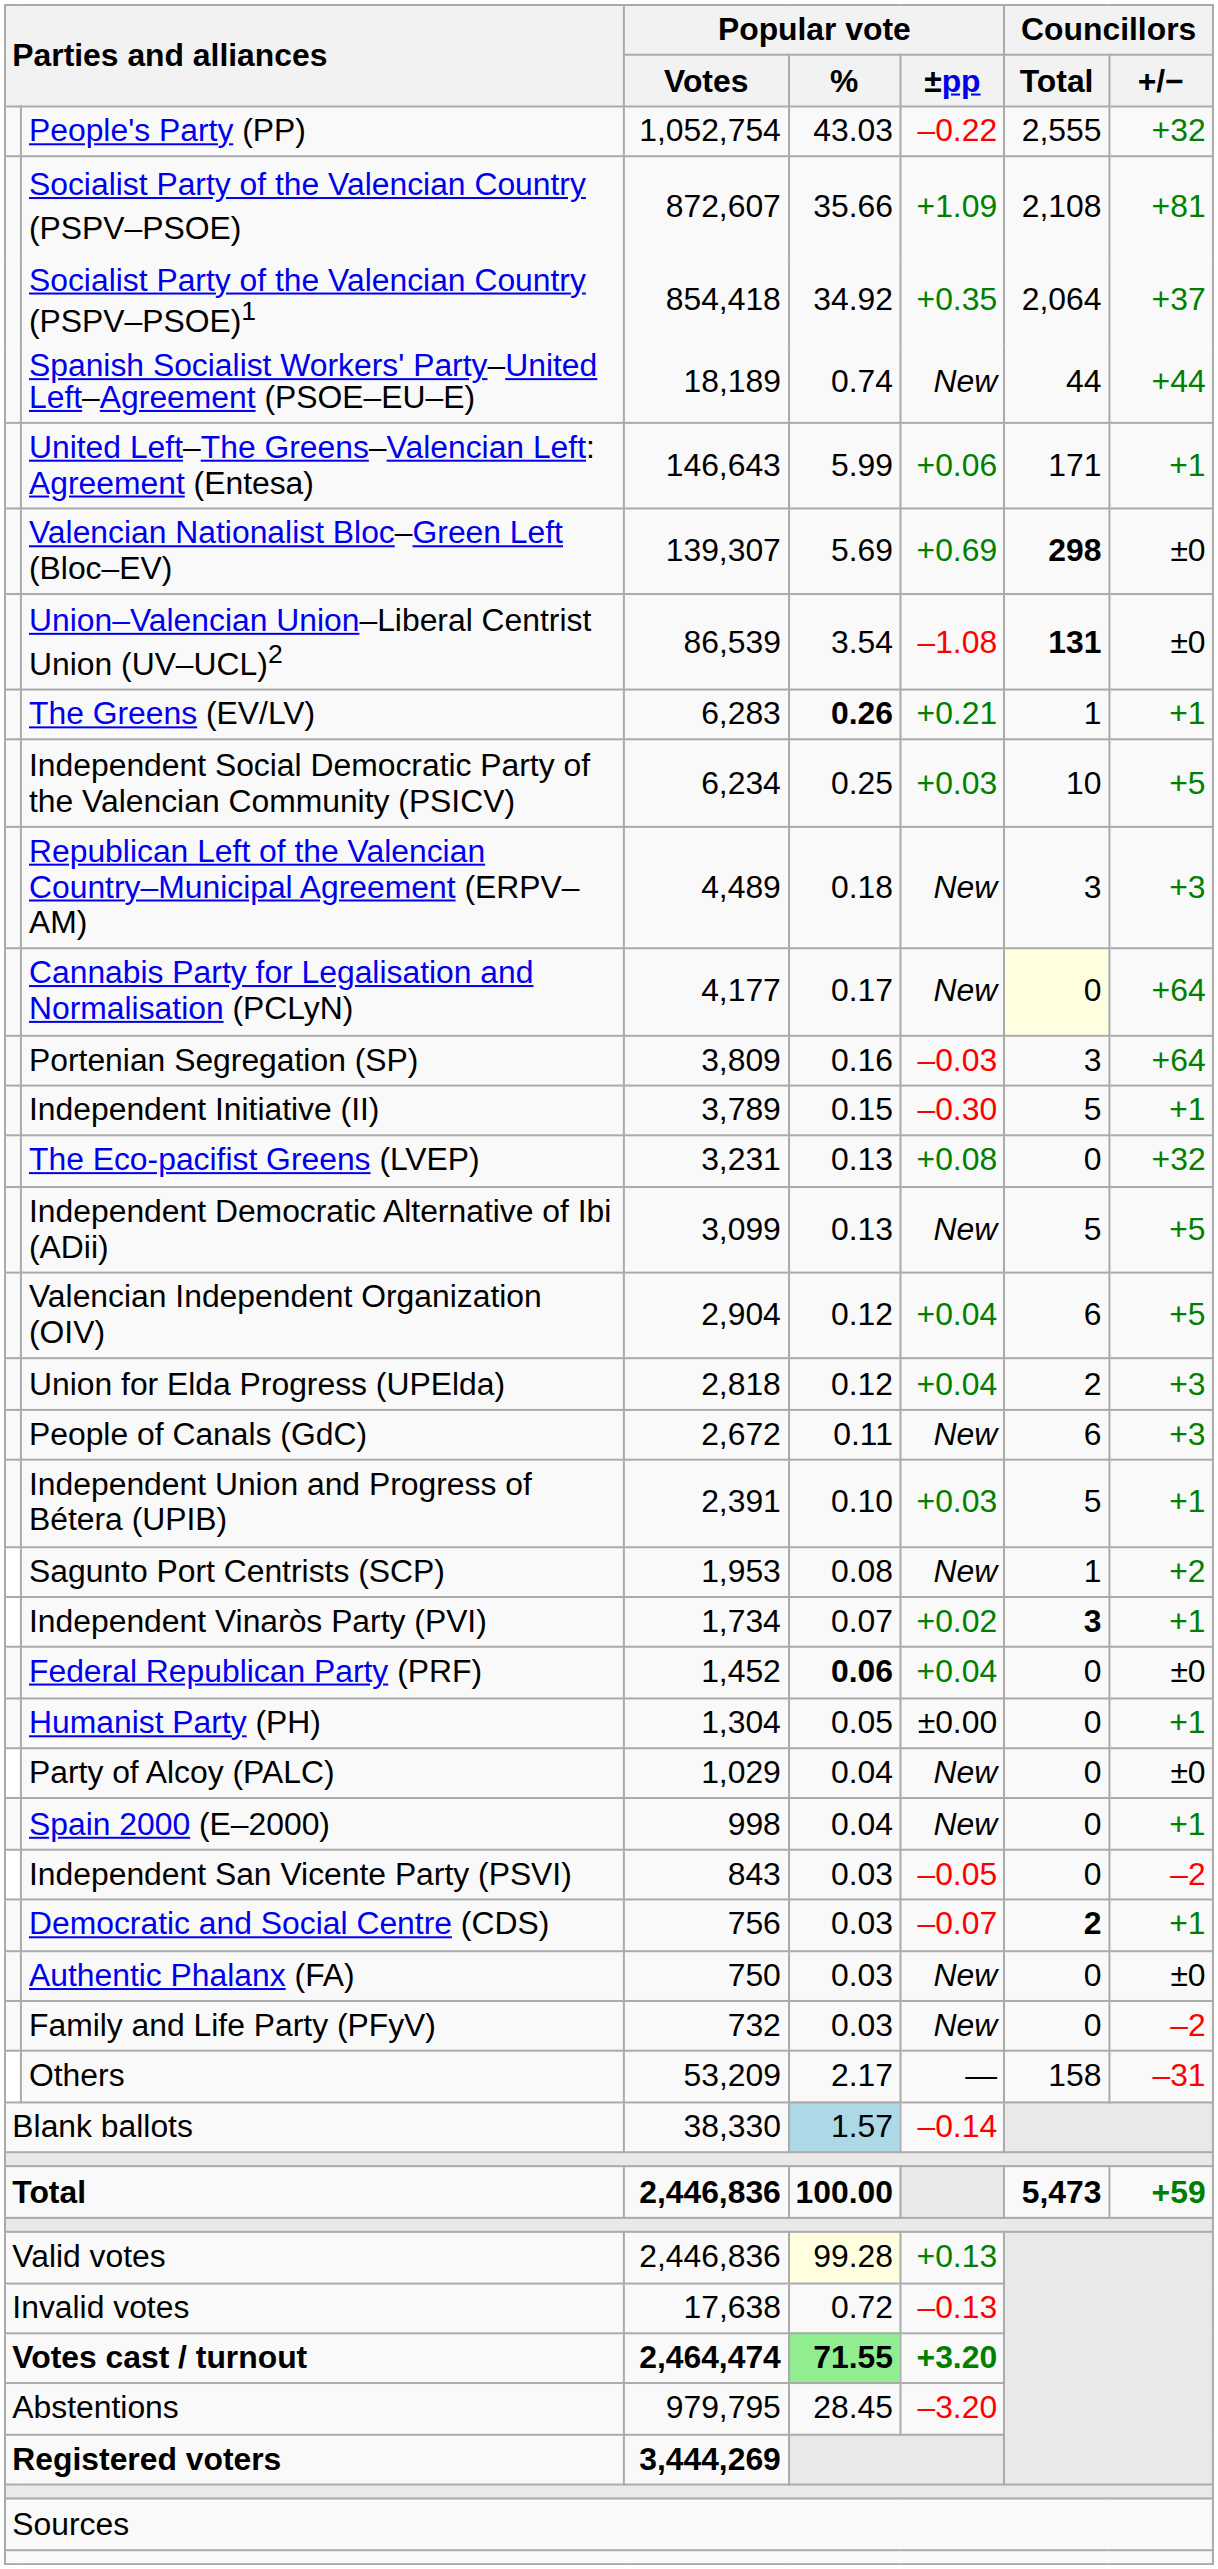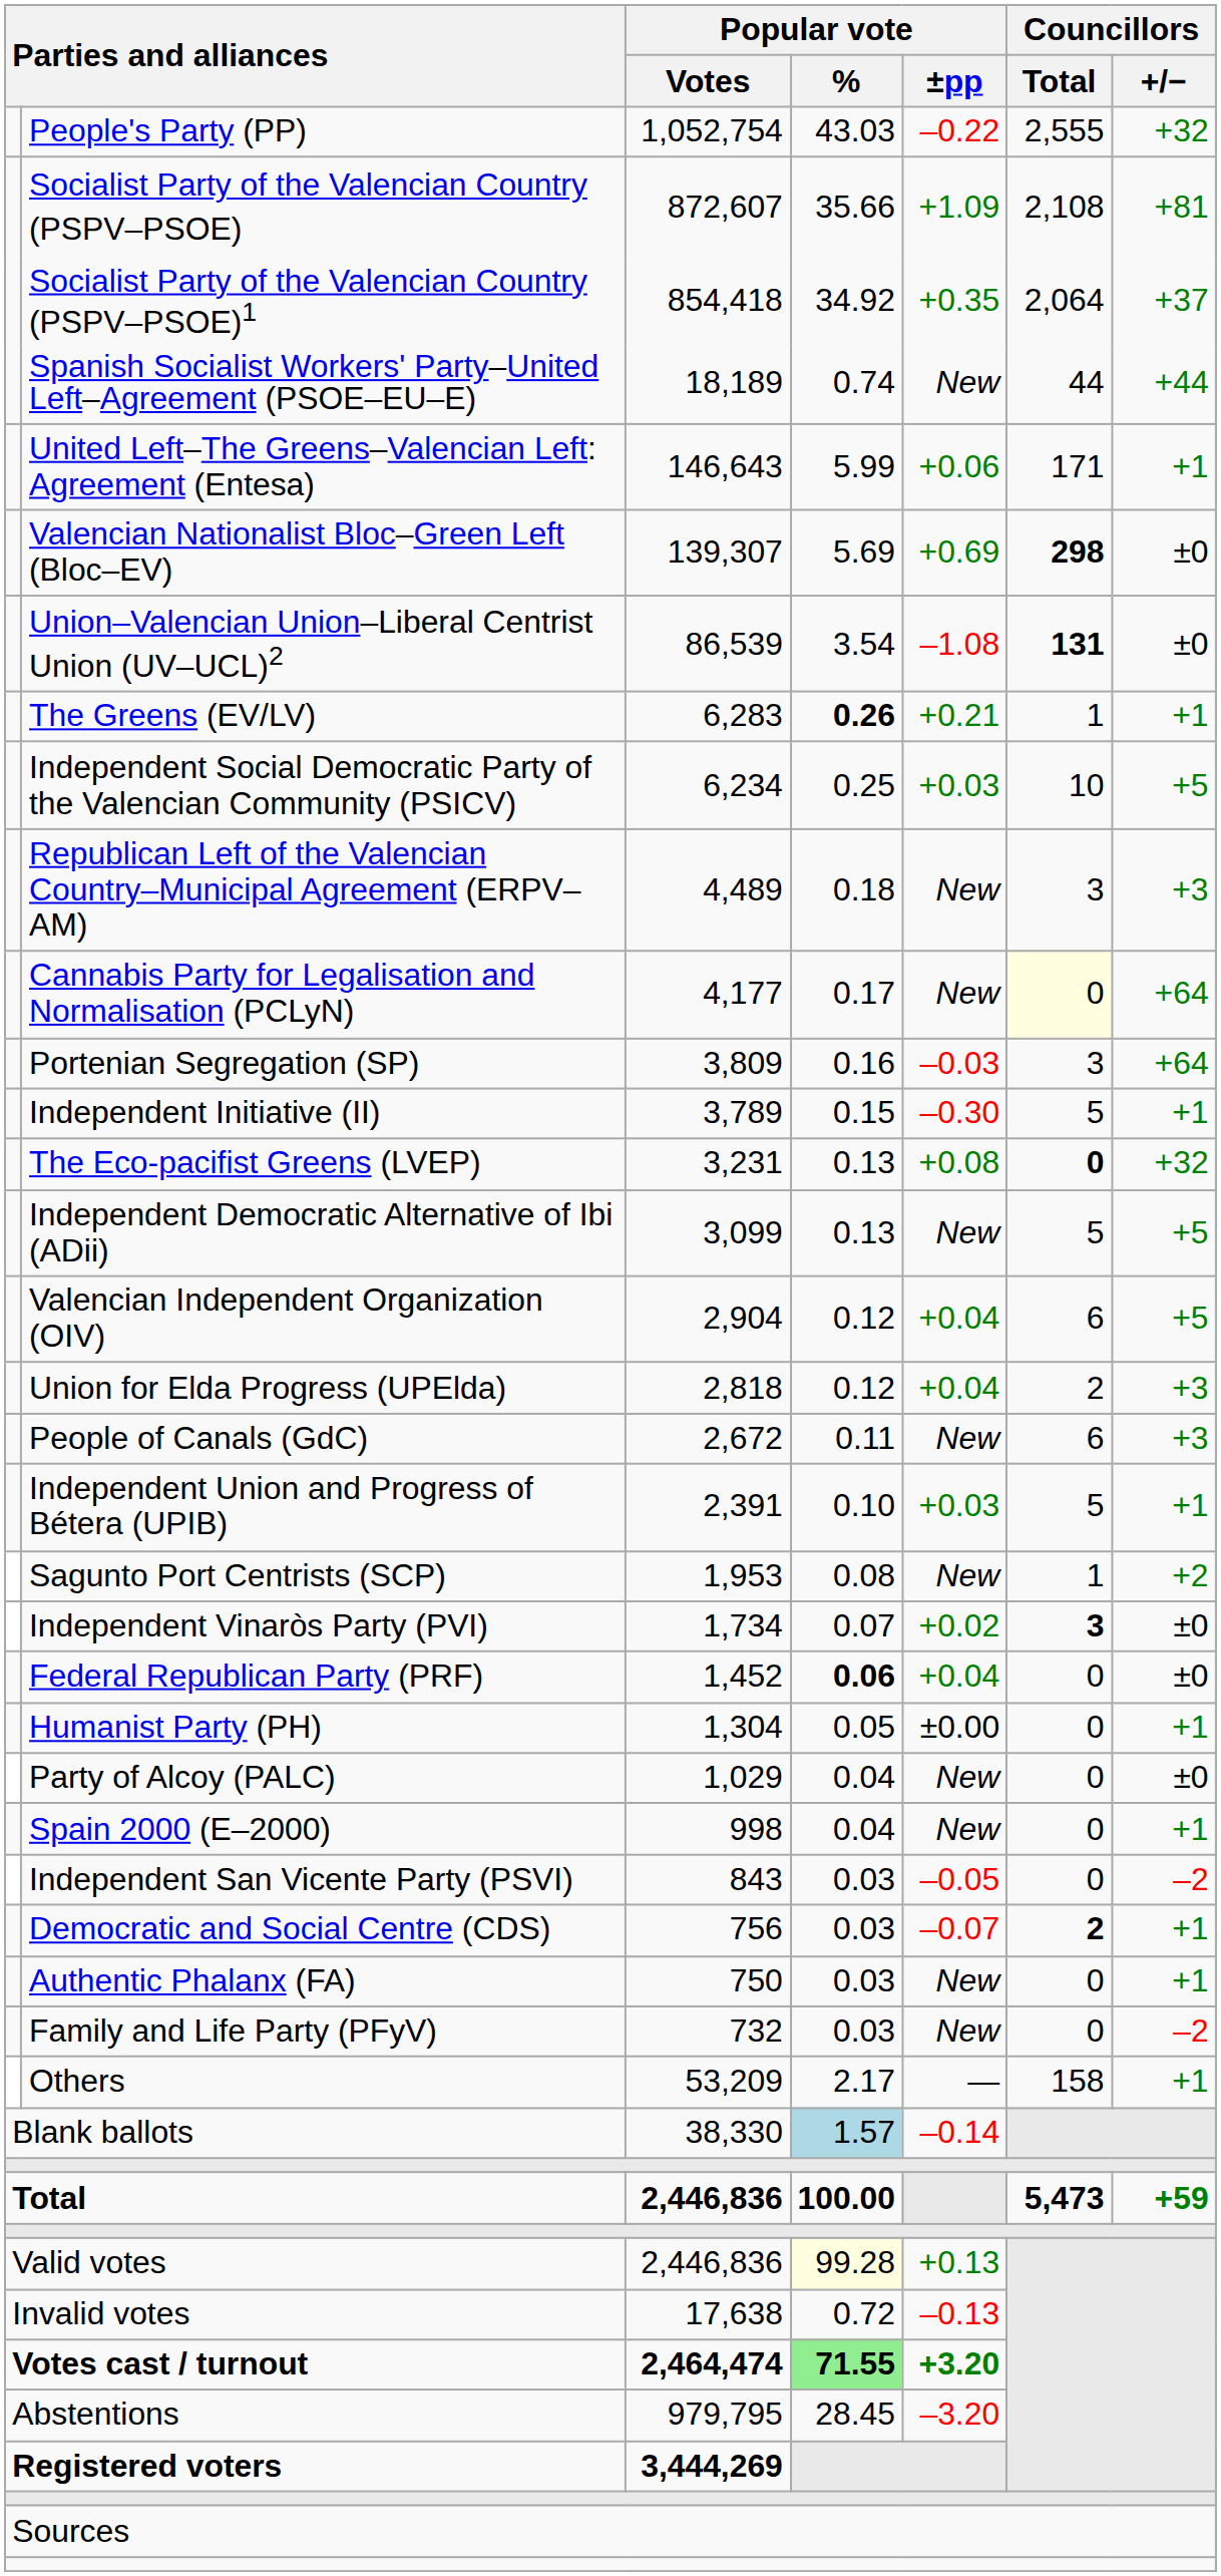 <table class="wikitable" style="text-align:right;">
 <tr>
 <th style="text-align:left;" rowspan="2" colspan="2" width="525">Parties and alliances</th>
 <th colspan="3">Popular vote</th>
 <th colspan="2">Councillors</th>
 </tr>
 <tr>
 <th width="75">Votes</th>
 <th width="45">%</th>
 <th width="45">±<a href='#'>pp</a></th>
 <th width="45">Total</th>
 <th width="45">+/−</th>
 </tr>
 <tr>
 <td width="1" style="color:inherit;background:"></td>
 <td align="left"><a href='#'>People's Party</a> (PP)</td>
 <td>1,052,754</td>
 <td>43.03</td>
 <td style="color:red;">–0.22</td>
 <td>2,555</td>
 <td style="color:green;">+32</td>
 </tr>
 <tr style="line-height:22px;">
 <td rowspan="3" style="color:inherit;background:"></td>
 <td align="left"><a href='#'>Socialist Party of the Valencian Country</a> (PSPV–PSOE)</td>
 <td>872,607</td>
 <td>35.66</td>
 <td style="color:green;">+1.09</td>
 <td>2,108</td>
 <td style="color:green;">+81</td>
 </tr>
 <tr style="border-bottom-style:hidden; border-top-style:hidden; line-height:16px;">
 <td align="left"><span><a href='#'>Socialist Party of the Valencian Country</a> (PSPV–PSOE)<sup>1</sup></span></td>
 <td>854,418</td>
 <td>34.92</td>
 <td style="color:green;">+0.35</td>
 <td>2,064</td>
 <td style="color:green;">+37</td>
 </tr>
 <tr style="line-height:16px;">
 <td align="left"><span><a href='#'>Spanish Socialist Workers' Party</a>–<a href='#'>United Left</a>–<a href='#'>Agreement</a> (PSOE–EU–E)</span></td>
 <td>18,189</td>
 <td>0.74</td>
 <td><em>New</em></td>
 <td>44</td>
 <td style="color:green;">+44</td>
 </tr>
 <tr>
 <td style="color:inherit;background:"></td>
 <td align="left"><a href='#'>United Left</a>–<a href='#'>The Greens</a>–<a href='#'>Valencian Left</a>: <a href='#'>Agreement</a> (Entesa)</td>
 <td>146,643</td>
 <td>5.99</td>
 <td style="color:green;">+0.06</td>
 <td>171</td>
 <td style="color:green;">+1</td>
 </tr>
 <tr>
 <td style="color:inherit;background:"></td>
 <td align="left"><a href='#'>Valencian Nationalist Bloc</a>–<a href='#'>Green Left</a> (Bloc–EV)</td>
 <td>139,307</td>
 <td>5.69</td>
 <td style="color:green;">+0.69</td>
 <td><strong>298</strong></td>
 <td>±0</td>
 </tr>
 <tr>
 <td style="color:inherit;background:"></td>
 <td align="left"><a href='#'>Union–Valencian Union</a>–Liberal Centrist Union (UV–UCL)<sup>2</sup></td>
 <td>86,539</td>
 <td>3.54</td>
 <td style="color:red;">–1.08</td>
 <td><strong>131</strong></td>
 <td>±0</td>
 </tr>
 <tr>
 <td style="color:inherit;background:"></td>
 <td align="left"><a href='#'>The Greens</a> (EV/LV)</td>
 <td>6,283</td>
 <td><strong>0.26</strong></td>
 <td style="color:green;">+0.21</td>
 <td>1</td>
 <td style="color:green;">+1</td>
 </tr>
 <tr>
 <td style="color:inherit;background:"></td>
 <td align="left">Independent Social Democratic Party of the Valencian Community (PSICV)</td>
 <td>6,234</td>
 <td>0.25</td>
 <td style="color:green;">+0.03</td>
 <td>10</td>
 <td style="color:green;">+5</td>
 </tr>
 <tr>
 <td style="color:inherit;background:"></td>
 <td align="left"><a href='#'>Republican Left of the Valencian Country–Municipal Agreement</a> (ERPV–AM)</td>
 <td>4,489</td>
 <td>0.18</td>
 <td><em>New</em></td>
 <td>3</td>
 <td style="color:green;">+3</td>
 </tr>
 <tr>
 <td style="color:inherit;background:"></td>
 <td align="left"><a href='#'>Cannabis Party for Legalisation and Normalisation</a> (PCLyN)</td>
 <td>4,177</td>
 <td>0.17</td>
 <td><em>New</em></td>
 <td style="background: lightyellow;">0</td>
 <td style="color:green;">+64</td>
 </tr>
 <tr>
 <td style="color:inherit;background:"></td>
 <td align="left">Portenian Segregation (SP)</td>
 <td>3,809</td>
 <td>0.16</td>
 <td style="color:red;">–0.03</td>
 <td>3</td>
 <td style="color:green;">+64</td>
 </tr>
 <tr>
 <td style="color:inherit;background:"></td>
 <td align="left">Independent Initiative (II)</td>
 <td>3,789</td>
 <td>0.15</td>
 <td style="color:red;">–0.30</td>
 <td>5</td>
 <td style="color:green;">+1</td>
 </tr>
 <tr>
 <td style="color:inherit;background:"></td>
 <td align="left"><a href='#'>The Eco-pacifist Greens</a> (LVEP)</td>
 <td>3,231</td>
 <td>0.13</td>
 <td style="color:green;">+0.08</td>
-<td>0</td>
+<td><strong>0</strong></td>
 <td style="color:green;">+32</td>
 </tr>
 <tr>
 <td style="color:inherit;background:"></td>
 <td align="left">Independent Democratic Alternative of Ibi (ADii)</td>
 <td>3,099</td>
 <td>0.13</td>
 <td><em>New</em></td>
 <td>5</td>
 <td style="color:green;">+5</td>
 </tr>
 <tr>
 <td style="color:inherit;background:"></td>
 <td align="left">Valencian Independent Organization (OIV)</td>
 <td>2,904</td>
 <td>0.12</td>
 <td style="color:green;">+0.04</td>
 <td>6</td>
 <td style="color:green;">+5</td>
 </tr>
 <tr>
 <td style="color:inherit;background:"></td>
 <td align="left">Union for Elda Progress (UPElda)</td>
 <td>2,818</td>
 <td>0.12</td>
 <td style="color:green;">+0.04</td>
 <td>2</td>
 <td style="color:green;">+3</td>
 </tr>
 <tr>
 <td style="color:inherit;background:"></td>
 <td align="left">People of Canals (GdC)</td>
 <td>2,672</td>
 <td>0.11</td>
 <td><em>New</em></td>
 <td>6</td>
 <td style="color:green;">+3</td>
 </tr>
 <tr>
 <td style="color:inherit;background:"></td>
 <td align="left">Independent Union and Progress of Bétera (UPIB)</td>
 <td>2,391</td>
 <td>0.10</td>
 <td style="color:green;">+0.03</td>
 <td>5</td>
 <td style="color:green;">+1</td>
 </tr>
 <tr>
 <td bgcolor="white"></td>
 <td align="left">Sagunto Port Centrists (SCP)</td>
 <td>1,953</td>
 <td>0.08</td>
 <td><em>New</em></td>
 <td>1</td>
 <td style="color:green;">+2</td>
 </tr>
 <tr>
 <td bgcolor="white"></td>
 <td align="left">Independent Vinaròs Party (PVI)</td>
 <td>1,734</td>
 <td>0.07</td>
 <td style="color:green;">+0.02</td>
 <td><strong>3</strong></td>
-<td style="color:green;">+1</td>
+<td>±0</td>
 </tr>
 <tr>
 <td style="color:inherit;background:"></td>
 <td align="left"><a href='#'>Federal Republican Party</a> (PRF)</td>
 <td>1,452</td>
 <td><strong>0.06</strong></td>
 <td style="color:green;">+0.04</td>
 <td>0</td>
 <td>±0</td>
 </tr>
 <tr>
 <td style="color:inherit;background:"></td>
 <td align="left"><a href='#'>Humanist Party</a> (PH)</td>
 <td>1,304</td>
 <td>0.05</td>
 <td>±0.00</td>
 <td>0</td>
 <td style="color:green;">+1</td>
 </tr>
 <tr>
 <td bgcolor="white"></td>
 <td align="left">Party of Alcoy (PALC)</td>
 <td>1,029</td>
 <td>0.04</td>
 <td><em>New</em></td>
 <td>0</td>
 <td>±0</td>
 </tr>
 <tr>
 <td style="color:inherit;background:"></td>
 <td align="left"><a href='#'>Spain 2000</a> (E–2000)</td>
 <td>998</td>
 <td>0.04</td>
 <td><em>New</em></td>
 <td>0</td>
 <td style="color:green;">+1</td>
 </tr>
 <tr>
 <td bgcolor="white"></td>
 <td align="left">Independent San Vicente Party (PSVI)</td>
 <td>843</td>
 <td>0.03</td>
 <td style="color:red;">–0.05</td>
 <td>0</td>
 <td style="color:red;">–2</td>
 </tr>
 <tr>
 <td style="color:inherit;background:"></td>
 <td align="left"><a href='#'>Democratic and Social Centre</a> (CDS)</td>
 <td>756</td>
 <td>0.03</td>
 <td style="color:red;">–0.07</td>
 <td><strong>2</strong></td>
 <td style="color:green;">+1</td>
 </tr>
 <tr>
 <td style="color:inherit;background:"></td>
 <td align="left"><a href='#'>Authentic Phalanx</a> (FA)</td>
 <td>750</td>
 <td>0.03</td>
 <td><em>New</em></td>
 <td>0</td>
-<td>±0</td>
+<td style="color:green;">+1</td>
 </tr>
 <tr>
 <td style="color:inherit;background:"></td>
 <td align="left">Family and Life Party (PFyV)</td>
 <td>732</td>
 <td>0.03</td>
 <td><em>New</em></td>
 <td>0</td>
 <td style="color:red;">–2</td>
 </tr>
 <tr>
 <td bgcolor="white"></td>
 <td align="left">Others</td>
 <td>53,209</td>
 <td>2.17</td>
 <td>—</td>
 <td>158</td>
-<td style="color:red;">–31</td>
+<td style="color:green;">+1</td>
 </tr>
 <tr>
 <td align="left" colspan="2">Blank ballots</td>
 <td>38,330</td>
 <td style="background: lightblue;">1.57</td>
 <td style="color:red;">–0.14</td>
 <td bgcolor="#E9E9E9" colspan="2"></td>
 </tr>
 <tr>
 <td colspan="7" bgcolor="#E9E9E9"></td>
 </tr>
 <tr style="font-weight:bold;">
 <td align="left" colspan="2">Total</td>
 <td>2,446,836</td>
 <td>100.00</td>
 <td bgcolor="#E9E9E9"></td>
 <td>5,473</td>
 <td style="color:green;">+59</td>
 </tr>
 <tr>
 <td colspan="7" bgcolor="#E9E9E9"></td>
 </tr>
 <tr>
 <td align="left" colspan="2">Valid votes</td>
 <td>2,446,836</td>
 <td style="background: lightyellow;">99.28</td>
 <td style="color:green;">+0.13</td>
 <td bgcolor="#E9E9E9" colspan="2" rowspan="5"></td>
 </tr>
 <tr>
 <td align="left" colspan="2">Invalid votes</td>
 <td>17,638</td>
 <td>0.72</td>
 <td style="color:red;">–0.13</td>
 </tr>
 <tr style="font-weight:bold;">
 <td align="left" colspan="2">Votes cast / turnout</td>
 <td>2,464,474</td>
 <td style="background: lightgreen;">71.55</td>
 <td style="color:green;">+3.20</td>
 </tr>
 <tr>
 <td align="left" colspan="2">Abstentions</td>
 <td>979,795</td>
 <td>28.45</td>
 <td style="color:red;">–3.20</td>
 </tr>
 <tr style="font-weight:bold;">
 <td align="left" colspan="2">Registered voters</td>
 <td>3,444,269</td>
 <td bgcolor="#E9E9E9" colspan="2"></td>
 </tr>
 <tr>
 <td colspan="7" bgcolor="#E9E9E9"></td>
 </tr>
 <tr>
 <td align="left" colspan="7">Sources</td>
 </tr>
 <tr>
 <td colspan="7" style="text-align:left; max-width:790px;"></td>
 </tr>
 </table>
